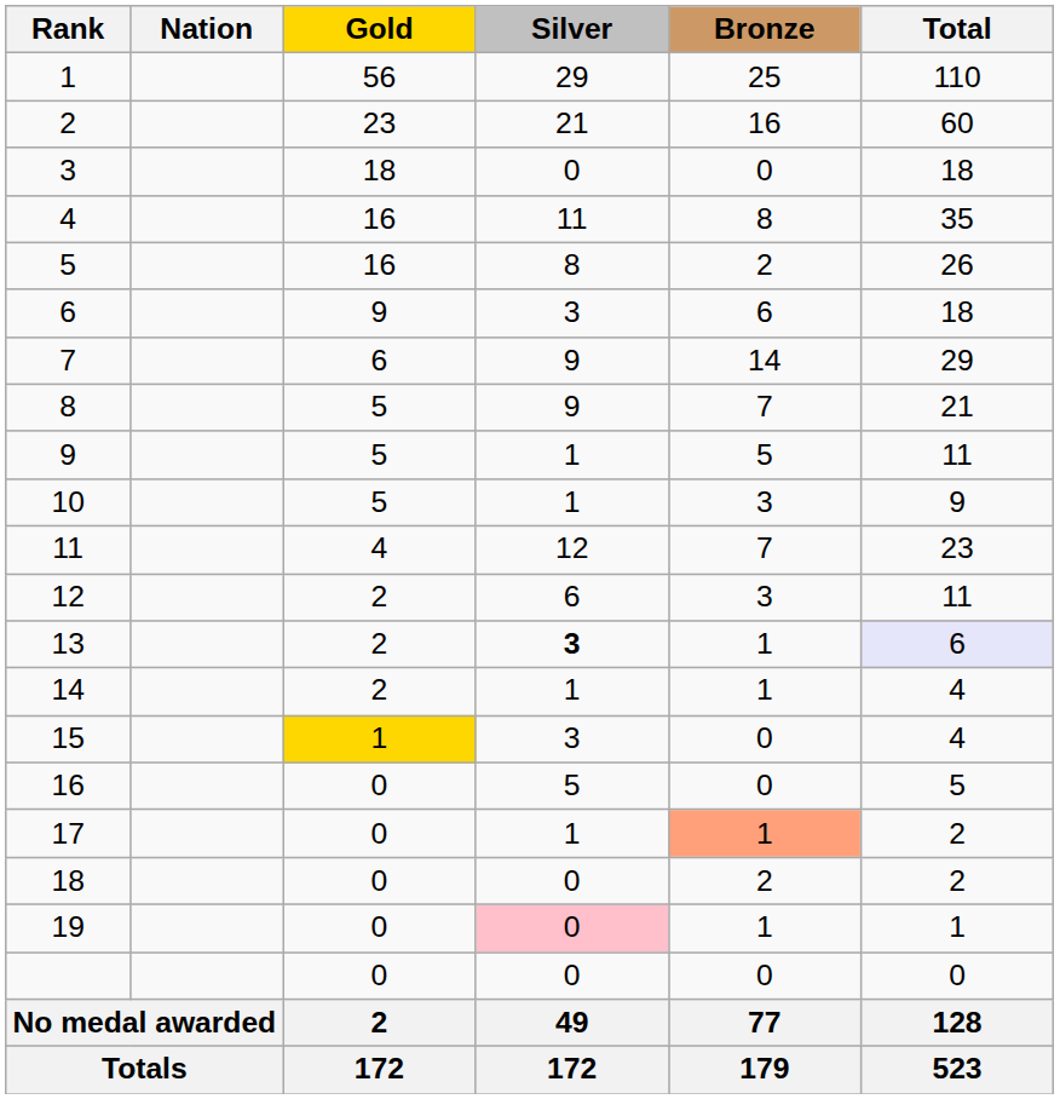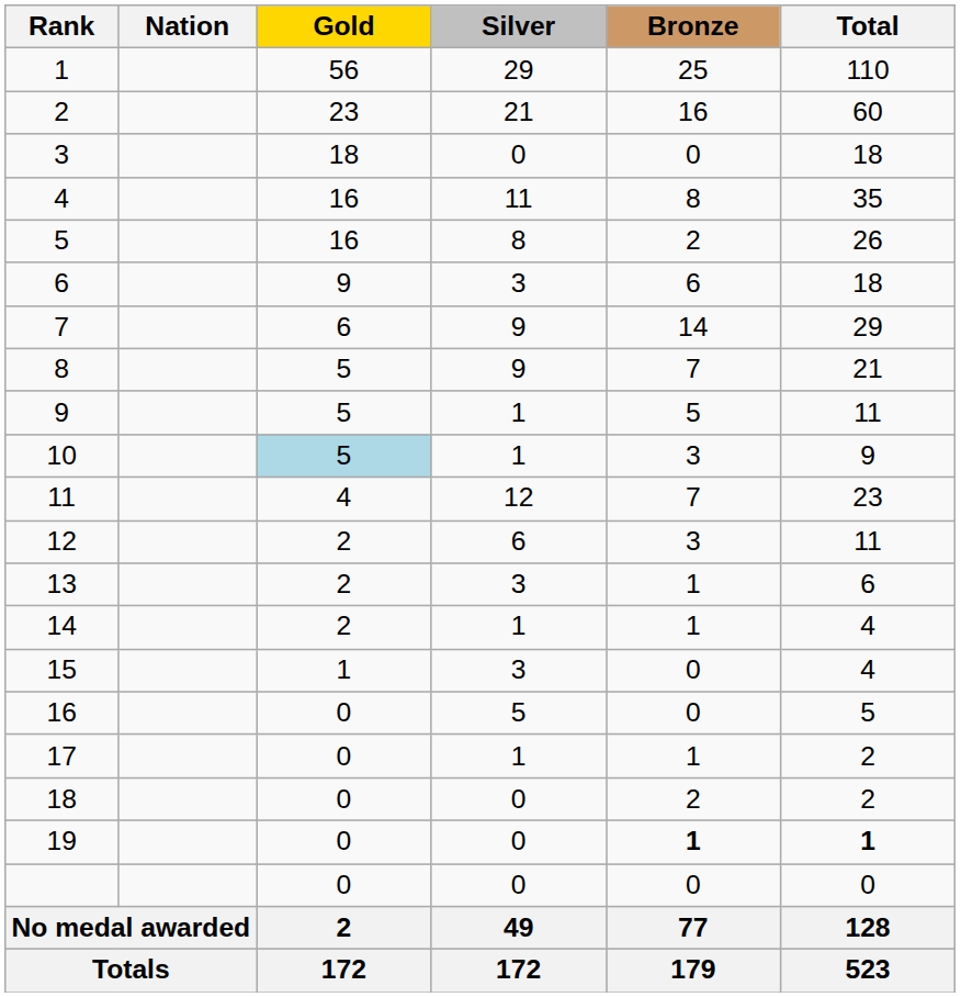 <table class="wikitable sortable plainrowheaders" style="text-align: center">
 <tr>
 <th scope="col">Rank</th>
 <th scope="col">Nation</th>
 <th scope="col" style="background-color:gold; width:6em;">Gold</th>
 <th scope="col" style="background-color:silver; width:6em;">Silver</th>
 <th scope="col" style="background-color:#cc9966; width:6em;">Bronze</th>
 <th scope="col" style="width:6em;">Total</th>
 </tr>
 <tr>
 <td>1</td>
 <td align=left></td>
 <td>56</td>
 <td>29</td>
 <td>25</td>
 <td>110</td>
 </tr>
 <tr>
 <td>2</td>
 <td align=left></td>
 <td>23</td>
 <td>21</td>
 <td>16</td>
 <td>60</td>
 </tr>
 <tr>
 <td>3</td>
 <td align=left></td>
 <td>18</td>
 <td>0</td>
 <td>0</td>
 <td>18</td>
 </tr>
 <tr>
 <td>4</td>
 <td align=left></td>
 <td>16</td>
 <td>11</td>
 <td>8</td>
 <td>35</td>
 </tr>
 <tr>
 <td>5</td>
 <td align=left></td>
 <td>16</td>
 <td>8</td>
 <td>2</td>
 <td>26</td>
 </tr>
 <tr>
 <td>6</td>
 <td align=left></td>
 <td>9</td>
 <td>3</td>
 <td>6</td>
 <td>18</td>
 </tr>
 <tr>
 <td>7</td>
 <td align=left></td>
 <td>6</td>
 <td>9</td>
 <td>14</td>
 <td>29</td>
 </tr>
 <tr>
 <td>8</td>
 <td align=left></td>
 <td>5</td>
 <td>9</td>
 <td>7</td>
 <td>21</td>
 </tr>
 <tr>
 <td>9</td>
 <td align=left></td>
 <td>5</td>
 <td>1</td>
 <td>5</td>
 <td>11</td>
 </tr>
 <tr>
 <td>10</td>
 <td align=left></td>
-<td>5</td>
+<td style="background: lightblue;">5</td>
 <td>1</td>
 <td>3</td>
 <td>9</td>
 </tr>
 <tr>
 <td>11</td>
 <td align=left></td>
 <td>4</td>
 <td>12</td>
 <td>7</td>
 <td>23</td>
 </tr>
 <tr>
 <td>12</td>
 <td align=left></td>
 <td>2</td>
 <td>6</td>
 <td>3</td>
 <td>11</td>
 </tr>
 <tr>
 <td>13</td>
 <td align=left></td>
 <td>2</td>
-<td><strong>3</strong></td>
+<td>3</td>
 <td>1</td>
-<td style="background: lavender;">6</td>
+<td>6</td>
 </tr>
 <tr>
 <td>14</td>
 <td align=left></td>
 <td>2</td>
 <td>1</td>
 <td>1</td>
 <td>4</td>
 </tr>
 <tr>
 <td>15</td>
 <td align=left></td>
-<td style="background: gold;">1</td>
+<td>1</td>
 <td>3</td>
 <td>0</td>
 <td>4</td>
 </tr>
 <tr>
 <td>16</td>
 <td align=left></td>
 <td>0</td>
 <td>5</td>
 <td>0</td>
 <td>5</td>
 </tr>
 <tr>
 <td>17</td>
 <td align=left></td>
 <td>0</td>
 <td>1</td>
-<td style="background: lightsalmon;">1</td>
+<td>1</td>
 <td>2</td>
 </tr>
 <tr>
 <td>18</td>
 <td align=left></td>
 <td>0</td>
 <td>0</td>
 <td>2</td>
 <td>2</td>
 </tr>
 <tr>
 <td>19</td>
 <td align=left></td>
 <td>0</td>
-<td style="background: pink;">0</td>
-<td>1</td>
-<td>1</td>
+<td>0</td>
+<td><strong>1</strong></td>
+<td><strong>1</strong></td>
 </tr>
 <tr>
 <td></td>
 <td align=left></td>
 <td>0</td>
 <td>0</td>
 <td>0</td>
 <td>0</td>
 </tr>
 <tr>
 <th Colspan="2">No medal awarded </th>
 <th>2</th>
 <th>49</th>
 <th>77</th>
 <th>128 </th>
 </tr>
 <tr>
 <th Colspan="2">Totals</th>
 <th>172</th>
 <th>172</th>
 <th>179</th>
 <th>523</th>
 </tr>
 </table>
